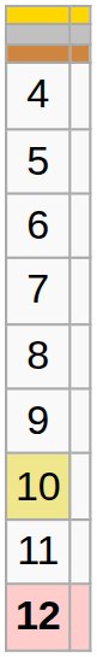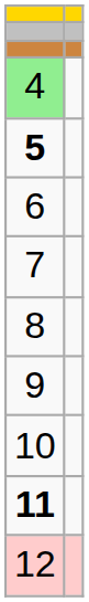 <table class="wikitable">
 <tr style="background:gold;">
 <td align=center></td>
 <td></td>
 </tr>
 <tr style="background:silver;">
 <td align=center></td>
 <td></td>
 </tr>
 <tr style="background:peru;">
 <td align=center></td>
 <td></td>
 </tr>
 <tr>
-<td align=center>4</td>
+<td align=center style="background: lightgreen;">4</td>
 <td></td>
 </tr>
 <tr>
-<td align=center>5</td>
+<td align=center><strong>5</strong></td>
 <td></td>
 </tr>
 <tr>
 <td align=center>6</td>
 <td></td>
 </tr>
 <tr>
 <td align=center>7</td>
 <td></td>
 </tr>
 <tr>
 <td align=center>8</td>
 <td></td>
 </tr>
 <tr>
 <td align=center>9</td>
 <td></td>
 </tr>
 <tr>
-<td align=center style="background: khaki;">10</td>
+<td align=center>10</td>
 <td></td>
 </tr>
 <tr>
-<td align=center>11</td>
+<td align=center><strong>11</strong></td>
 <td></td>
 </tr>
 <tr style="background:#fcc;">
-<td align=center><strong>12</strong></td>
+<td align=center>12</td>
 <td></td>
 </tr>
 </table>
